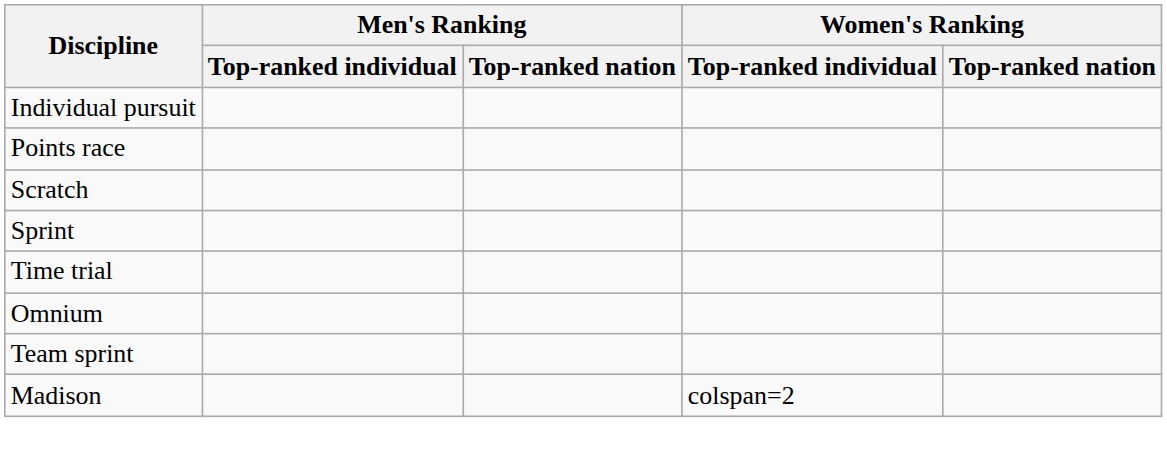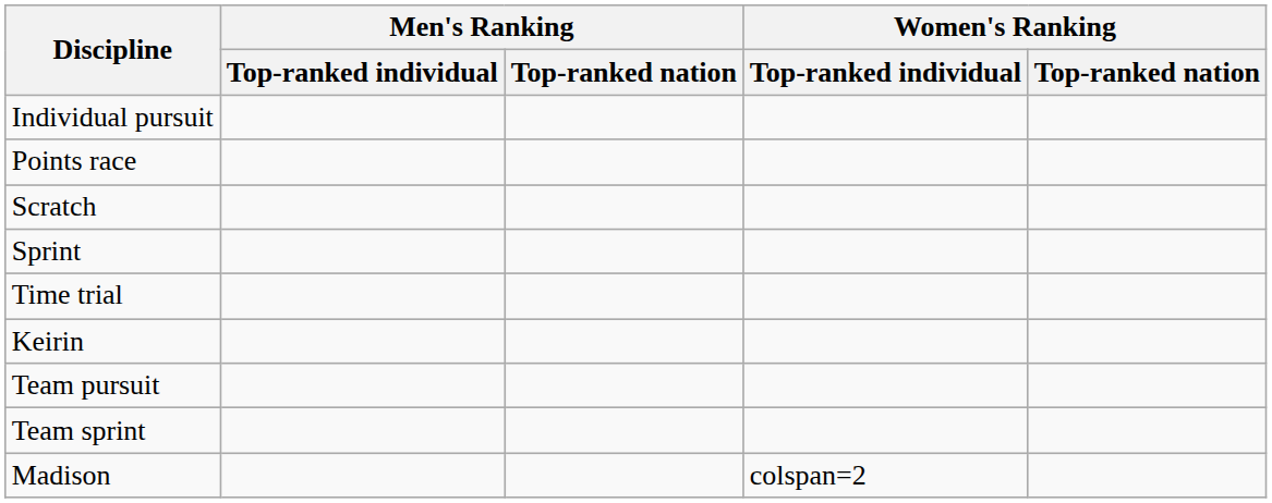 <table class="wikitable">
 <tr>
 <th rowspan=2>Discipline</th>
 <th colspan=2>Men's Ranking</th>
 <th colspan=2>Women's Ranking</th>
 </tr>
 <tr>
 <th>Top-ranked individual</th>
 <th>Top-ranked nation</th>
 <th>Top-ranked individual</th>
 <th>Top-ranked nation</th>
 </tr>
 <tr>
 <td>Individual pursuit</td>
 <td></td>
 <td></td>
 <td></td>
 <td></td>
 </tr>
 <tr>
 <td>Points race</td>
 <td></td>
 <td></td>
 <td></td>
 <td></td>
 </tr>
 <tr>
 <td>Scratch</td>
 <td></td>
 <td></td>
 <td></td>
 <td></td>
 </tr>
 <tr>
 <td>Sprint</td>
 <td></td>
 <td></td>
 <td></td>
 <td></td>
 </tr>
 <tr>
 <td>Time trial</td>
 <td></td>
 <td></td>
 <td></td>
 <td></td>
 </tr>
 <tr>
-<td>Omnium</td>
+<td>Keirin</td>
+<td></td>
+<td></td>
+<td></td>
+<td></td>
+</tr>
+<tr>
+<td>Team pursuit</td>
 <td></td>
 <td></td>
 <td></td>
 <td></td>
 </tr>
 <tr>
 <td>Team sprint</td>
 <td></td>
 <td></td>
 <td></td>
 <td></td>
 </tr>
 <tr>
 <td>Madison</td>
 <td></td>
 <td></td>
 <td>colspan=2 </td>
 </tr>
 </table>
